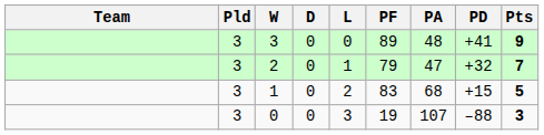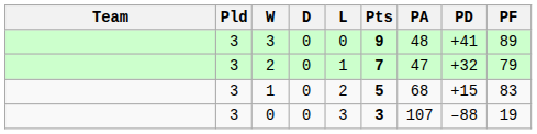 <table class="wikitable" style="text-align:center;">
 <tr>
 <th width=175>Team</th>
 <th width=25 abbr="Played">Pld</th>
 <th width=25 abbr="Won">W</th>
 <th width=25 abbr="Drawn">D</th>
 <th width=25 abbr="Lost">L</th>
-<th width=32 abbr="Points for">PF</th>
+<th width=25 abbr="Points">Pts</th>
 <th width=32 abbr="Points against">PA</th>
 <th width=32 abbr="Points difference">PD</th>
-<th width=25 abbr="Points">Pts</th>
+<th width=32 abbr="Points for">PF</th>
 </tr>
 <tr bgcolor=ccffcc>
 <td align=left></td>
 <td>3</td>
 <td>3</td>
 <td>0</td>
 <td>0</td>
-<td>89</td>
+<td><strong>9</strong></td>
 <td>48</td>
 <td>+41</td>
-<td><strong>9</strong></td>
+<td>89</td>
 </tr>
 <tr bgcolor=ccffcc>
 <td align=left></td>
 <td>3</td>
 <td>2</td>
 <td>0</td>
 <td>1</td>
-<td>79</td>
+<td><strong>7</strong></td>
 <td>47</td>
 <td>+32</td>
-<td><strong>7</strong></td>
+<td>79</td>
 </tr>
 <tr>
 <td align=left></td>
 <td>3</td>
 <td>1</td>
 <td>0</td>
 <td>2</td>
-<td>83</td>
+<td><strong>5</strong></td>
 <td>68</td>
 <td>+15</td>
-<td><strong>5</strong></td>
+<td>83</td>
 </tr>
 <tr>
 <td align=left></td>
 <td>3</td>
 <td>0</td>
 <td>0</td>
 <td>3</td>
-<td>19</td>
+<td><strong>3</strong></td>
 <td>107</td>
 <td>–88</td>
-<td><strong>3</strong></td>
+<td>19</td>
 </tr>
 </table>
